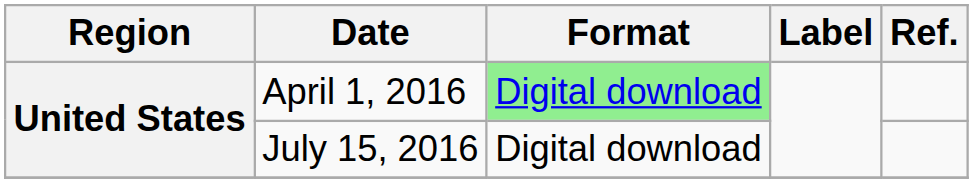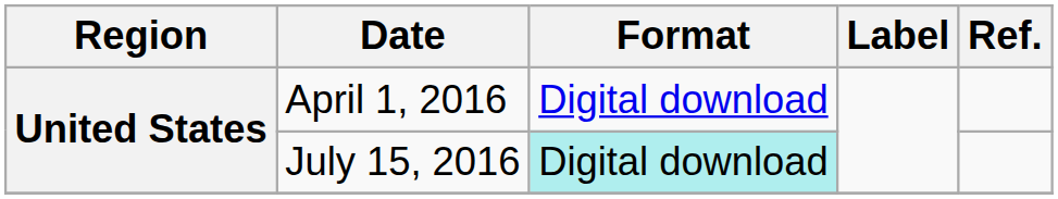 <table class="wikitable plainrowheaders">
 <tr>
 <th scope="col">Region</th>
 <th scope="col">Date</th>
 <th scope="col">Format</th>
 <th scope="col">Label</th>
 <th scope="col">Ref.</th>
 </tr>
 <tr>
 <th rowspan="2" scope="row">United States</th>
 <td>April 1, 2016</td>
-<td style="background: lightgreen;"><a href='#'>Digital download</a></td>
+<td><a href='#'>Digital download</a></td>
 <td rowspan="2"></td>
 <td></td>
 </tr>
 <tr>
 <td>July 15, 2016</td>
-<td>Digital download<br></td>
+<td style="background: paleturquoise;">Digital download<br></td>
 <td></td>
 </tr>
 <tr>
 </tr>
 </table>
